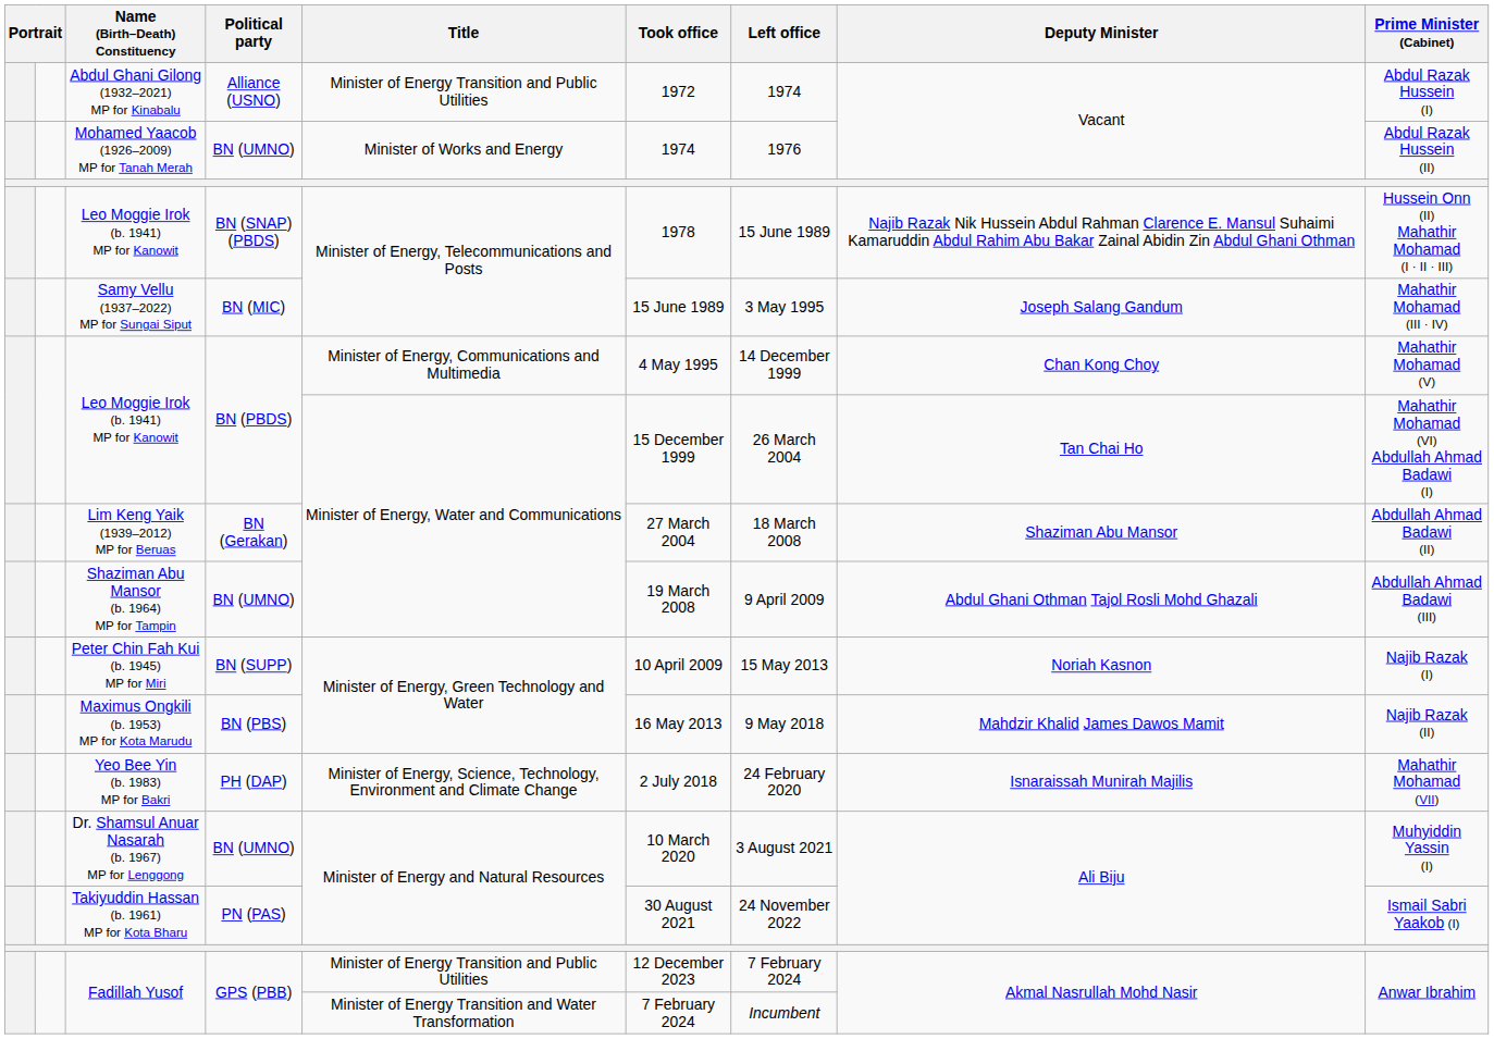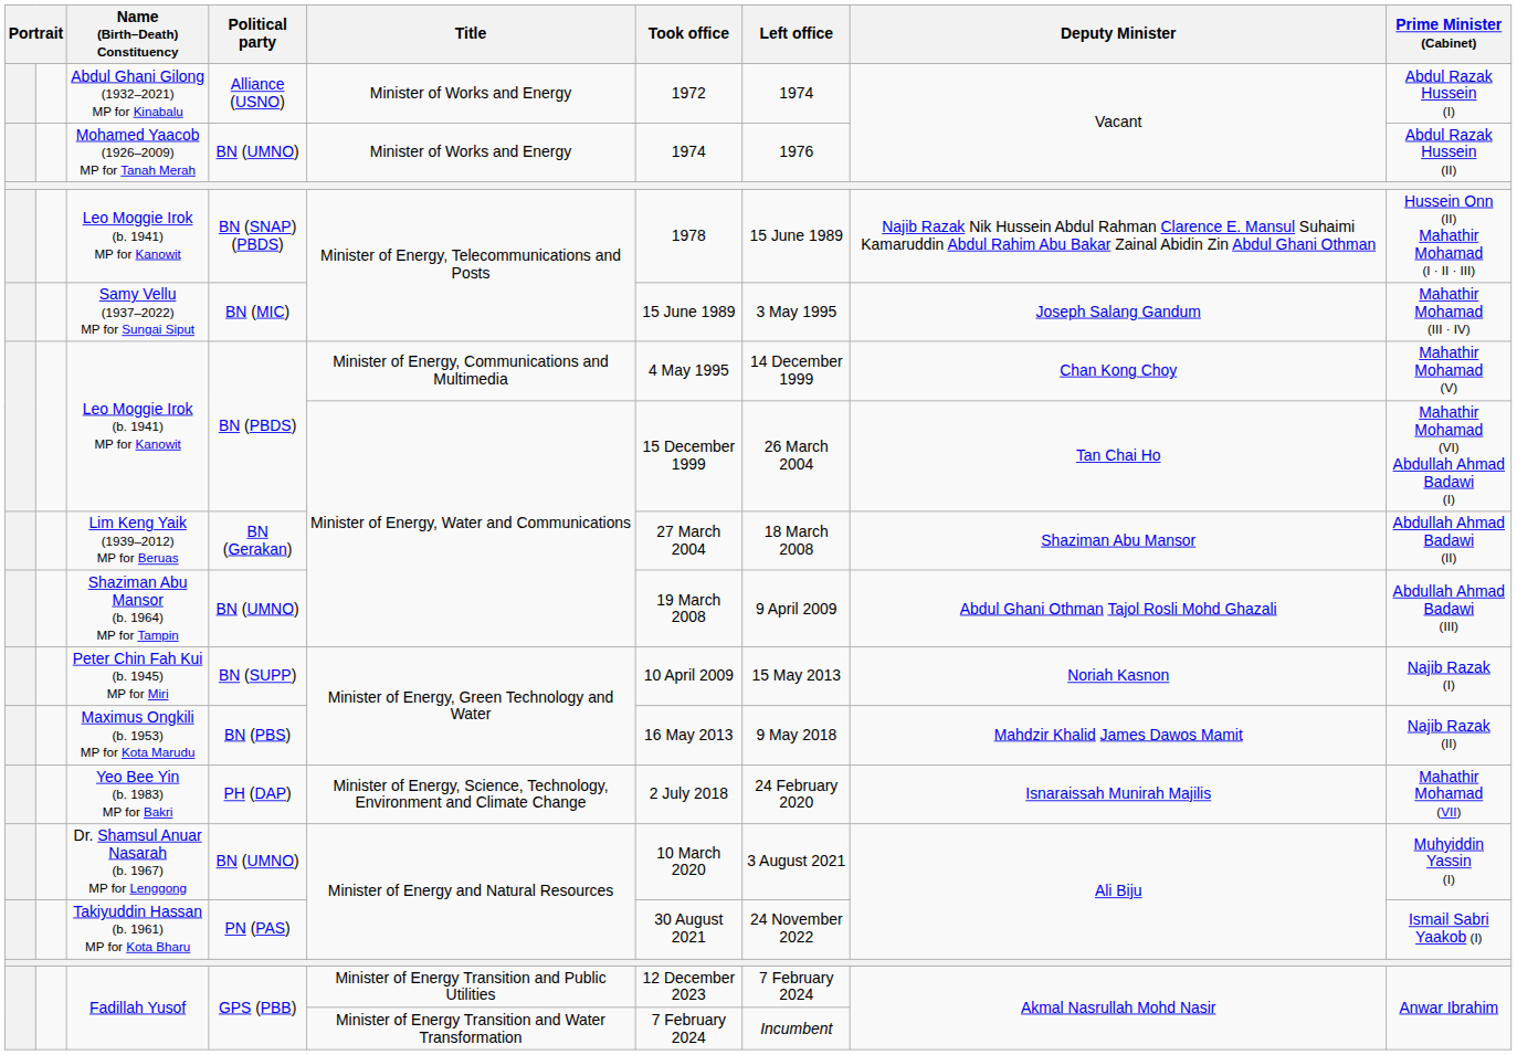 <table class="wikitable" style="text-align:center;">
 <tr>
 <th colspan=2>Portrait</th>
 <th>Name<br><small>(Birth–Death)<br>Constituency</small></th>
 <th>Political party</th>
 <th>Title</th>
 <th>Took office</th>
 <th>Left office</th>
 <th>Deputy Minister</th>
 <th><a href='#'>Prime Minister</a><br><small>(Cabinet)</small></th>
 </tr>
 <tr>
 <th style="background:"></th>
 <td></td>
 <td><a href='#'>Abdul Ghani Gilong</a><br><small>(1932–2021)<br>MP for <a href='#'>Kinabalu</a></small></td>
 <td><a href='#'>Alliance</a> (<a href='#'>USNO</a>)</td>
-<td>Minister of Energy Transition and Public Utilities</td>
+<td>Minister of Works and Energy</td>
 <td>1972</td>
 <td>1974</td>
 <td rowspan="2">Vacant</td>
 <td><a href='#'>Abdul Razak Hussein</a><br><small>(I)</small></td>
 </tr>
 <tr>
 <th style="background:"></th>
 <td></td>
 <td><a href='#'>Mohamed Yaacob</a><br><small>(1926–2009)<br>MP for <a href='#'>Tanah Merah</a></small></td>
 <td><a href='#'>BN</a> (<a href='#'>UMNO</a>)</td>
 <td>Minister of Works and Energy</td>
 <td>1974</td>
 <td>1976</td>
 <td><a href='#'>Abdul Razak Hussein</a><br><small>(II)</small></td>
 </tr>
 <tr>
 <th colspan="9" bgcolor="cccccc"></th>
 </tr>
 <tr>
 <th style="background:"></th>
 <td></td>
 <td><a href='#'>Leo Moggie Irok</a><br><small>(b. 1941)<br>MP for <a href='#'>Kanowit</a></small></td>
 <td><a href='#'>BN</a> (<a href='#'>SNAP</a>)<br>(<a href='#'>PBDS</a>)</td>
 <td rowspan="2">Minister of Energy, Telecommunications and Posts</td>
 <td>1978</td>
 <td>15 June 1989</td>
 <td><a href='#'>Najib Razak</a> Nik Hussein Abdul Rahman  <a href='#'>Clarence E. Mansul</a> Suhaimi Kamaruddin  <a href='#'>Abdul Rahim Abu Bakar</a>  Zainal Abidin Zin  <a href='#'>Abdul Ghani Othman</a></td>
 <td><a href='#'>Hussein Onn</a><br><small>(II)</small><br><a href='#'>Mahathir Mohamad</a><br><small>(I · II · III)</small></td>
 </tr>
 <tr>
 <th style="background:"></th>
 <td></td>
 <td><a href='#'>Samy Vellu</a><br><small>(1937–2022)<br>MP for <a href='#'>Sungai Siput</a></small></td>
 <td><a href='#'>BN</a> (<a href='#'>MIC</a>)</td>
 <td>15 June 1989</td>
 <td>3 May 1995</td>
 <td><a href='#'>Joseph Salang Gandum</a></td>
 <td><a href='#'>Mahathir Mohamad</a><br><small>(III · IV)</small></td>
 </tr>
 <tr>
 <th rowspan="2" style="background:"></th>
 <td rowspan="2"></td>
 <td rowspan="2"><a href='#'>Leo Moggie Irok</a><br><small>(b. 1941)<br>MP for <a href='#'>Kanowit</a></small></td>
 <td rowspan="2"><a href='#'>BN</a> (<a href='#'>PBDS</a>)</td>
 <td>Minister of Energy, Communications and Multimedia</td>
 <td>4 May 1995</td>
 <td>14 December 1999</td>
 <td><a href='#'>Chan Kong Choy</a></td>
 <td><a href='#'>Mahathir Mohamad</a><br><small>(V)</small></td>
 </tr>
 <tr>
 <td rowspan="3">Minister of Energy, Water and Communications</td>
 <td>15 December 1999</td>
 <td>26 March 2004</td>
 <td><a href='#'>Tan Chai Ho</a></td>
 <td><a href='#'>Mahathir Mohamad</a><br><small>(VI)</small><br><a href='#'>Abdullah Ahmad Badawi</a><br><small>(I)</small></td>
 </tr>
 <tr>
 <th style="background:"></th>
 <td></td>
 <td><a href='#'>Lim Keng Yaik</a><br><small>(1939–2012)<br>MP for <a href='#'>Beruas</a></small></td>
 <td><a href='#'>BN</a> (<a href='#'>Gerakan</a>)</td>
 <td>27 March 2004</td>
 <td>18 March 2008</td>
 <td><a href='#'>Shaziman Abu Mansor</a></td>
 <td><a href='#'>Abdullah Ahmad Badawi</a><br><small>(II)</small></td>
 </tr>
 <tr>
 <th style="background:"></th>
 <td></td>
 <td><a href='#'>Shaziman Abu Mansor</a><br><small>(b. 1964)<br>MP for <a href='#'>Tampin</a></small></td>
 <td><a href='#'>BN</a> (<a href='#'>UMNO</a>)</td>
 <td>19 March 2008</td>
 <td>9 April 2009</td>
 <td><a href='#'>Abdul Ghani Othman</a> <a href='#'>Tajol Rosli Mohd Ghazali</a> </td>
 <td><a href='#'>Abdullah Ahmad Badawi</a><br><small>(III)</small></td>
 </tr>
 <tr>
 <th style="background:"></th>
 <td></td>
 <td><a href='#'>Peter Chin Fah Kui</a><br><small>(b. 1945)<br>MP for <a href='#'>Miri</a></small></td>
 <td><a href='#'>BN</a> (<a href='#'>SUPP</a>)</td>
 <td rowspan="2">Minister of Energy, Green Technology and Water</td>
 <td>10 April 2009</td>
 <td>15 May 2013</td>
 <td><a href='#'>Noriah Kasnon</a></td>
 <td><a href='#'>Najib Razak</a><br><small>(I)</small></td>
 </tr>
 <tr>
 <th style="background:"></th>
 <td></td>
 <td><a href='#'>Maximus Ongkili</a><br><small>(b. 1953)<br>MP for <a href='#'>Kota Marudu</a></small></td>
 <td><a href='#'>BN</a> (<a href='#'>PBS</a>)</td>
 <td>16 May 2013</td>
 <td>9 May 2018</td>
 <td><a href='#'>Mahdzir Khalid</a> <a href='#'>James Dawos Mamit</a> </td>
 <td><a href='#'>Najib Razak</a><br><small>(II)</small></td>
 </tr>
 <tr>
 <th style="background:"></th>
 <td></td>
 <td><a href='#'>Yeo Bee Yin</a><br><small>(b. 1983)<br>MP for <a href='#'>Bakri</a></small></td>
 <td><a href='#'>PH</a> (<a href='#'>DAP</a>)</td>
 <td>Minister of Energy, Science, Technology, Environment and Climate Change</td>
 <td>2 July 2018</td>
 <td>24 February 2020</td>
 <td><a href='#'>Isnaraissah Munirah Majilis</a></td>
 <td><a href='#'>Mahathir Mohamad</a><br><small>(<a href='#'>VII</a>)</small></td>
 </tr>
 <tr>
 <th style="background:"></th>
 <td></td>
 <td>Dr. <a href='#'>Shamsul Anuar Nasarah</a><br><small>(b. 1967)<br>MP for <a href='#'>Lenggong</a></small></td>
 <td><a href='#'>BN</a> (<a href='#'>UMNO</a>)</td>
 <td rowspan="2">Minister of Energy and Natural Resources</td>
 <td>10 March 2020</td>
 <td>3 August 2021</td>
 <td rowspan="2"><a href='#'>Ali Biju</a></td>
 <td><a href='#'>Muhyiddin Yassin</a><br><small>(I)</small></td>
 </tr>
 <tr>
 <th style="background:"></th>
 <td></td>
 <td><a href='#'>Takiyuddin Hassan</a><br> <small>(b. 1961)</small><br><small>MP for <a href='#'>Kota Bharu</a></small></td>
 <td><a href='#'>PN</a> (<a href='#'>PAS</a>)</td>
 <td>30 August 2021</td>
 <td>24 November 2022</td>
 <td><a href='#'>Ismail Sabri Yaakob</a><small> (I)</small></td>
 </tr>
 <tr>
 <th colspan="9" bgcolor="cccccc"></th>
 </tr>
 <tr>
 <th rowspan=2 style="background:"></th>
 <td rowspan=2></td>
 <td rowspan=2><a href='#'>Fadillah Yusof</a><br></td>
 <td rowspan=2><a href='#'>GPS</a> (<a href='#'>PBB</a>)</td>
 <td>Minister of Energy Transition and Public Utilities</td>
 <td>12 December 2023</td>
 <td>7 February 2024</td>
 <td rowspan="2"><a href='#'>Akmal Nasrullah Mohd Nasir</a></td>
 <td rowspan="2"><a href='#'>Anwar Ibrahim</a><br></td>
 </tr>
 <tr>
 <td>Minister of Energy Transition and Water Transformation</td>
 <td>7 February 2024</td>
 <td><em>Incumbent</em></td>
 </tr>
 </table>
